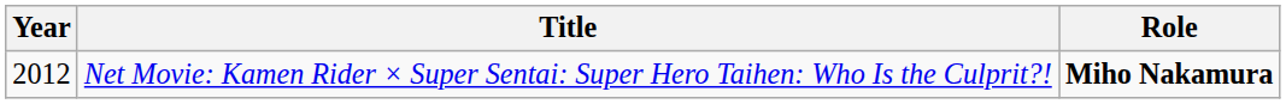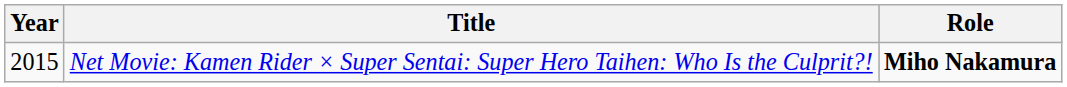 <table class="wikitable">
 <tr>
 <th>Year</th>
 <th>Title</th>
 <th>Role</th>
 </tr>
 <tr>
-<td>2012</td>
+<td>2015</td>
 <td><em><a href='#'>Net Movie: Kamen Rider × Super Sentai: Super Hero Taihen: Who Is the Culprit?!</a></em></td>
 <td><strong>Miho Nakamura</strong></td>
 </tr>
 </table>
